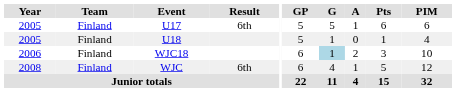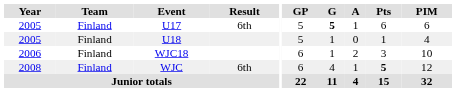 <table border="0" cellpadding="1" cellspacing="0" ID="Table3" style="text-align:center; width:40em">
 <tr ALIGN="center" bgcolor="#e0e0e0">
 <th>Year</th>
 <th>Team</th>
 <th>Event</th>
 <th>Result</th>
 <th rowspan="99" bgcolor="#ffffff"></th>
 <th>GP</th>
 <th>G</th>
 <th>A</th>
 <th>Pts</th>
 <th>PIM</th>
 </tr>
 <tr>
 <td><a href='#'>2005</a></td>
 <td><a href='#'>Finland</a></td>
 <td><a href='#'>U17</a></td>
 <td>6th</td>
 <td>5</td>
-<td>5</td>
+<td><strong>5</strong></td>
 <td>1</td>
 <td>6</td>
 <td>6</td>
 </tr>
 <tr bgcolor="#f0f0f0">
 <td><a href='#'>2005</a></td>
 <td>Finland</td>
 <td><a href='#'>U18</a></td>
 <td></td>
 <td>5</td>
 <td>1</td>
 <td>0</td>
 <td>1</td>
 <td>4</td>
 </tr>
 <tr>
 <td><a href='#'>2006</a></td>
 <td>Finland</td>
 <td><a href='#'>WJC18</a></td>
 <td></td>
 <td>6</td>
-<td style="background: lightblue;">1</td>
+<td>1</td>
 <td>2</td>
 <td>3</td>
 <td>10</td>
 </tr>
 <tr bgcolor="#f0f0f0">
 <td><a href='#'>2008</a></td>
 <td><a href='#'>Finland</a></td>
 <td><a href='#'>WJC</a></td>
 <td>6th</td>
 <td>6</td>
 <td>4</td>
 <td>1</td>
-<td>5</td>
+<td><strong>5</strong></td>
 <td>12</td>
 </tr>
 <tr bgcolor="#e0e0e0">
 <th colspan="4">Junior totals</th>
 <th>22</th>
 <th>11</th>
 <th>4</th>
 <th>15</th>
 <th>32</th>
 </tr>
 </table>
